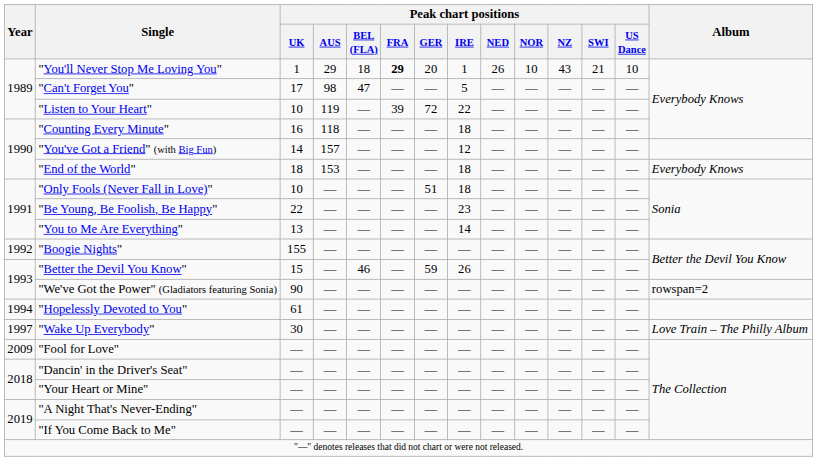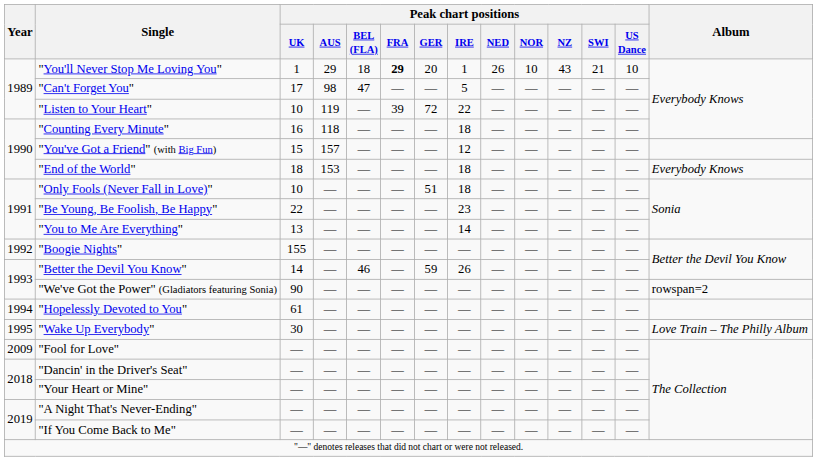 <table class="wikitable">
 <tr>
 <th rowspan="2">Year</th>
 <th rowspan="2" width=>Single</th>
 <th colspan="11">Peak chart positions</th>
 <th rowspan="2" style="width:200px;">Album</th>
 </tr>
 <tr>
 <th width="35"><small><a href='#'>UK</a></small><br></th>
 <th width="35"><small><a href='#'>AUS</a></small><br></th>
 <th width="35"><small><a href='#'>BEL<br>(FLA)</a></small><br></th>
 <th width="35"><small><a href='#'>FRA</a></small><br></th>
 <th width="35"><small><a href='#'>GER</a></small><br></th>
 <th width="35"><small><a href='#'>IRE</a></small><br></th>
 <th width="35"><small><a href='#'>NED</a></small><br></th>
 <th width="35"><small><a href='#'>NOR</a></small><br></th>
 <th width="35"><small><a href='#'>NZ</a></small><br></th>
 <th width="35"><small><a href='#'>SWI</a></small><br></th>
 <th width="35"><small><a href='#'>US Dance</a></small><br></th>
 </tr>
 <tr>
 <td style="text-align:center;" rowspan="3">1989</td>
 <td>"<a href='#'>You'll Never Stop Me Loving You</a>"</td>
 <td style="text-align:center;">1</td>
 <td style="text-align:center;">29</td>
 <td style="text-align:center;">18</td>
 <td style="text-align:center;"><strong>29</strong></td>
 <td style="text-align:center;">20</td>
 <td style="text-align:center;">1</td>
 <td style="text-align:center;">26</td>
 <td style="text-align:center;">10</td>
 <td style="text-align:center;">43</td>
 <td style="text-align:center;">21</td>
 <td style="text-align:center;">10</td>
 <td rowspan="4"><em>Everybody Knows</em></td>
 </tr>
 <tr>
 <td>"<a href='#'>Can't Forget You</a>"</td>
 <td style="text-align:center;">17</td>
 <td style="text-align:center;">98</td>
 <td style="text-align:center;">47</td>
 <td style="text-align:center;">—</td>
 <td style="text-align:center;">—</td>
 <td style="text-align:center;">5</td>
 <td style="text-align:center;">—</td>
 <td style="text-align:center;">—</td>
 <td style="text-align:center;">—</td>
 <td style="text-align:center;">—</td>
 <td style="text-align:center;">—</td>
 </tr>
 <tr>
 <td>"<a href='#'>Listen to Your Heart</a>"</td>
 <td style="text-align:center;">10</td>
 <td style="text-align:center;">119</td>
 <td style="text-align:center;">—</td>
 <td style="text-align:center;">39</td>
 <td style="text-align:center;">72</td>
 <td style="text-align:center;">22</td>
 <td style="text-align:center;">—</td>
 <td style="text-align:center;">—</td>
 <td style="text-align:center;">—</td>
 <td style="text-align:center;">—</td>
 <td style="text-align:center;">—</td>
 </tr>
 <tr>
 <td style="text-align:center;" rowspan="3">1990</td>
 <td>"<a href='#'>Counting Every Minute</a>"</td>
 <td style="text-align:center;">16</td>
 <td style="text-align:center;">118</td>
 <td style="text-align:center;">—</td>
 <td style="text-align:center;">—</td>
 <td style="text-align:center;">—</td>
 <td style="text-align:center;">18</td>
 <td style="text-align:center;">—</td>
 <td style="text-align:center;">—</td>
 <td style="text-align:center;">—</td>
 <td style="text-align:center;">—</td>
 <td style="text-align:center;">—</td>
 </tr>
 <tr>
 <td>"<a href='#'>You've Got a Friend</a>" <small>(with <a href='#'>Big Fun</a>)</small></td>
-<td style="text-align:center;">14</td>
+<td style="text-align:center;">15</td>
 <td style="text-align:center;">157</td>
 <td style="text-align:center;">—</td>
 <td style="text-align:center;">—</td>
 <td style="text-align:center;">—</td>
 <td style="text-align:center;">12</td>
 <td style="text-align:center;">—</td>
 <td style="text-align:center;">—</td>
 <td style="text-align:center;">—</td>
 <td style="text-align:center;">—</td>
 <td style="text-align:center;">—</td>
 <td></td>
 </tr>
 <tr>
 <td>"<a href='#'>End of the World</a>"</td>
 <td style="text-align:center;">18</td>
 <td style="text-align:center;">153</td>
 <td style="text-align:center;">—</td>
 <td style="text-align:center;">—</td>
 <td style="text-align:center;">—</td>
 <td style="text-align:center;">18</td>
 <td style="text-align:center;">—</td>
 <td style="text-align:center;">—</td>
 <td style="text-align:center;">—</td>
 <td style="text-align:center;">—</td>
 <td style="text-align:center;">—</td>
 <td><em>Everybody Knows</em></td>
 </tr>
 <tr>
 <td style="text-align:center;" rowspan="3">1991</td>
 <td>"<a href='#'>Only Fools (Never Fall in Love)</a>"</td>
 <td style="text-align:center;">10</td>
 <td style="text-align:center;">—</td>
 <td style="text-align:center;">—</td>
 <td style="text-align:center;">—</td>
 <td style="text-align:center;">51</td>
 <td style="text-align:center;">18</td>
 <td style="text-align:center;">—</td>
 <td style="text-align:center;">—</td>
 <td style="text-align:center;">—</td>
 <td style="text-align:center;">—</td>
 <td style="text-align:center;">—</td>
 <td rowspan="3"><em>Sonia</em></td>
 </tr>
 <tr>
 <td>"<a href='#'>Be Young, Be Foolish, Be Happy</a>"</td>
 <td style="text-align:center;">22</td>
 <td style="text-align:center;">—</td>
 <td style="text-align:center;">—</td>
 <td style="text-align:center;">—</td>
 <td style="text-align:center;">—</td>
 <td style="text-align:center;">23</td>
 <td style="text-align:center;">—</td>
 <td style="text-align:center;">—</td>
 <td style="text-align:center;">—</td>
 <td style="text-align:center;">—</td>
 <td style="text-align:center;">—</td>
 </tr>
 <tr>
 <td>"<a href='#'>You to Me Are Everything</a>"</td>
 <td style="text-align:center;">13</td>
 <td style="text-align:center;">—</td>
 <td style="text-align:center;">—</td>
 <td style="text-align:center;">—</td>
 <td style="text-align:center;">—</td>
 <td style="text-align:center;">14</td>
 <td style="text-align:center;">—</td>
 <td style="text-align:center;">—</td>
 <td style="text-align:center;">—</td>
 <td style="text-align:center;">—</td>
 <td style="text-align:center;">—</td>
 </tr>
 <tr>
 <td style="text-align:center;" rowspan="1">1992</td>
 <td>"<a href='#'>Boogie Nights</a>"</td>
 <td style="text-align:center;">155</td>
 <td style="text-align:center;">—</td>
 <td style="text-align:center;">—</td>
 <td style="text-align:center;">—</td>
 <td style="text-align:center;">—</td>
 <td style="text-align:center;">—</td>
 <td style="text-align:center;">—</td>
 <td style="text-align:center;">—</td>
 <td style="text-align:center;">—</td>
 <td style="text-align:center;">—</td>
 <td style="text-align:center;">—</td>
 <td rowspan="2"><em>Better the Devil You Know</em></td>
 </tr>
 <tr>
 <td style="text-align:center;" rowspan="2">1993</td>
 <td>"<a href='#'>Better the Devil You Know</a>"</td>
-<td style="text-align:center;">15</td>
+<td style="text-align:center;">14</td>
 <td style="text-align:center;">—</td>
 <td style="text-align:center;">46</td>
 <td style="text-align:center;">—</td>
 <td style="text-align:center;">59</td>
 <td style="text-align:center;">26</td>
 <td style="text-align:center;">—</td>
 <td style="text-align:center;">—</td>
 <td style="text-align:center;">—</td>
 <td style="text-align:center;">—</td>
 <td style="text-align:center;">—</td>
 </tr>
 <tr>
 <td>"We've Got the Power" <small>(Gladiators featuring Sonia)</small></td>
 <td style="text-align:center;">90</td>
 <td style="text-align:center;">—</td>
 <td style="text-align:center;">—</td>
 <td style="text-align:center;">—</td>
 <td style="text-align:center;">—</td>
 <td style="text-align:center;">—</td>
 <td style="text-align:center;">—</td>
 <td style="text-align:center;">—</td>
 <td style="text-align:center;">—</td>
 <td style="text-align:center;">—</td>
 <td style="text-align:center;">—</td>
 <td>rowspan=2 </td>
 </tr>
 <tr>
 <td style="text-align:center;">1994</td>
 <td>"<a href='#'>Hopelessly Devoted to You</a>"</td>
 <td style="text-align:center;">61</td>
 <td style="text-align:center;">—</td>
 <td style="text-align:center;">—</td>
 <td style="text-align:center;">—</td>
 <td style="text-align:center;">—</td>
 <td style="text-align:center;">—</td>
 <td style="text-align:center;">—</td>
 <td style="text-align:center;">—</td>
 <td style="text-align:center;">—</td>
 <td style="text-align:center;">—</td>
 <td style="text-align:center;">—</td>
 </tr>
 <tr>
-<td style="text-align:center;">1997</td>
+<td style="text-align:center;">1995</td>
 <td>"<a href='#'>Wake Up Everybody</a>"</td>
 <td style="text-align:center;">30</td>
 <td style="text-align:center;">—</td>
 <td style="text-align:center;">—</td>
 <td style="text-align:center;">—</td>
 <td style="text-align:center;">—</td>
 <td style="text-align:center;">—</td>
 <td style="text-align:center;">—</td>
 <td style="text-align:center;">—</td>
 <td style="text-align:center;">—</td>
 <td style="text-align:center;">—</td>
 <td style="text-align:center;">—</td>
 <td><em>Love Train – The Philly Album</em></td>
 </tr>
 <tr>
 <td style="text-align:center;">2009</td>
 <td>"Fool for Love"</td>
 <td style="text-align:center;">—</td>
 <td style="text-align:center;">—</td>
 <td style="text-align:center;">—</td>
 <td style="text-align:center;">—</td>
 <td style="text-align:center;">—</td>
 <td style="text-align:center;">—</td>
 <td style="text-align:center;">—</td>
 <td style="text-align:center;">—</td>
 <td style="text-align:center;">—</td>
 <td style="text-align:center;">—</td>
 <td style="text-align:center;">—</td>
 <td rowspan=5><em>The Collection</em></td>
 </tr>
 <tr>
 <td rowspan="2" style="text-align:center;">2018</td>
 <td>"Dancin' in the Driver's Seat"</td>
 <td style="text-align:center;">—</td>
 <td style="text-align:center;">—</td>
 <td style="text-align:center;">—</td>
 <td style="text-align:center;">—</td>
 <td style="text-align:center;">—</td>
 <td style="text-align:center;">—</td>
 <td style="text-align:center;">—</td>
 <td style="text-align:center;">—</td>
 <td style="text-align:center;">—</td>
 <td style="text-align:center;">—</td>
 <td style="text-align:center;">—</td>
 </tr>
 <tr>
 <td>"Your Heart or Mine"</td>
 <td style="text-align:center;">—</td>
 <td style="text-align:center;">—</td>
 <td style="text-align:center;">—</td>
 <td style="text-align:center;">—</td>
 <td style="text-align:center;">—</td>
 <td style="text-align:center;">—</td>
 <td style="text-align:center;">—</td>
 <td style="text-align:center;">—</td>
 <td style="text-align:center;">—</td>
 <td style="text-align:center;">—</td>
 <td style="text-align:center;">—</td>
 </tr>
 <tr>
 <td rowspan="2" style="text-align:center;">2019</td>
 <td>"A Night That's Never-Ending"</td>
 <td style="text-align:center;">—</td>
 <td style="text-align:center;">—</td>
 <td style="text-align:center;">—</td>
 <td style="text-align:center;">—</td>
 <td style="text-align:center;">—</td>
 <td style="text-align:center;">—</td>
 <td style="text-align:center;">—</td>
 <td style="text-align:center;">—</td>
 <td style="text-align:center;">—</td>
 <td style="text-align:center;">—</td>
 <td style="text-align:center;">—</td>
 </tr>
 <tr>
 <td>"If You Come Back to Me"</td>
 <td style="text-align:center;">—</td>
 <td style="text-align:center;">—</td>
 <td style="text-align:center;">—</td>
 <td style="text-align:center;">—</td>
 <td style="text-align:center;">—</td>
 <td style="text-align:center;">—</td>
 <td style="text-align:center;">—</td>
 <td style="text-align:center;">—</td>
 <td style="text-align:center;">—</td>
 <td style="text-align:center;">—</td>
 <td style="text-align:center;">—</td>
 </tr>
 <tr>
 <td align="center" colspan="14" style="font-size:9pt">"—" denotes releases that did not chart or were not released.</td>
 </tr>
 </table>
